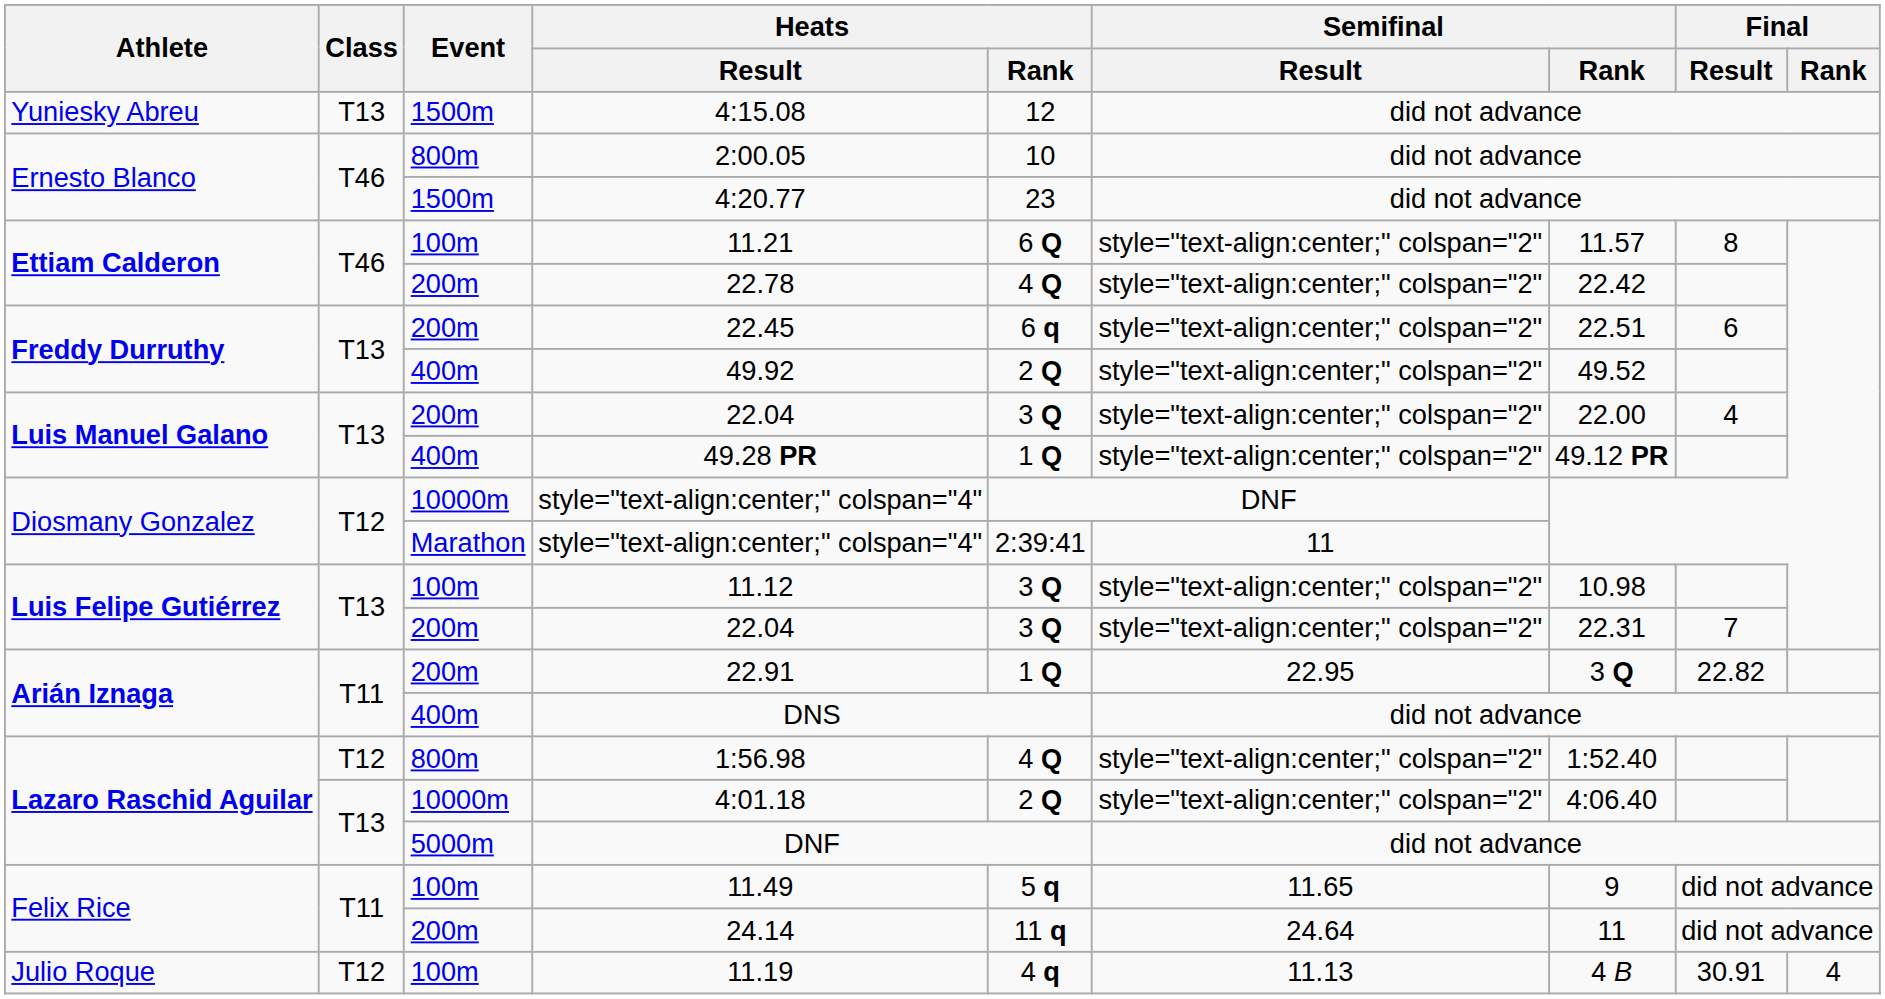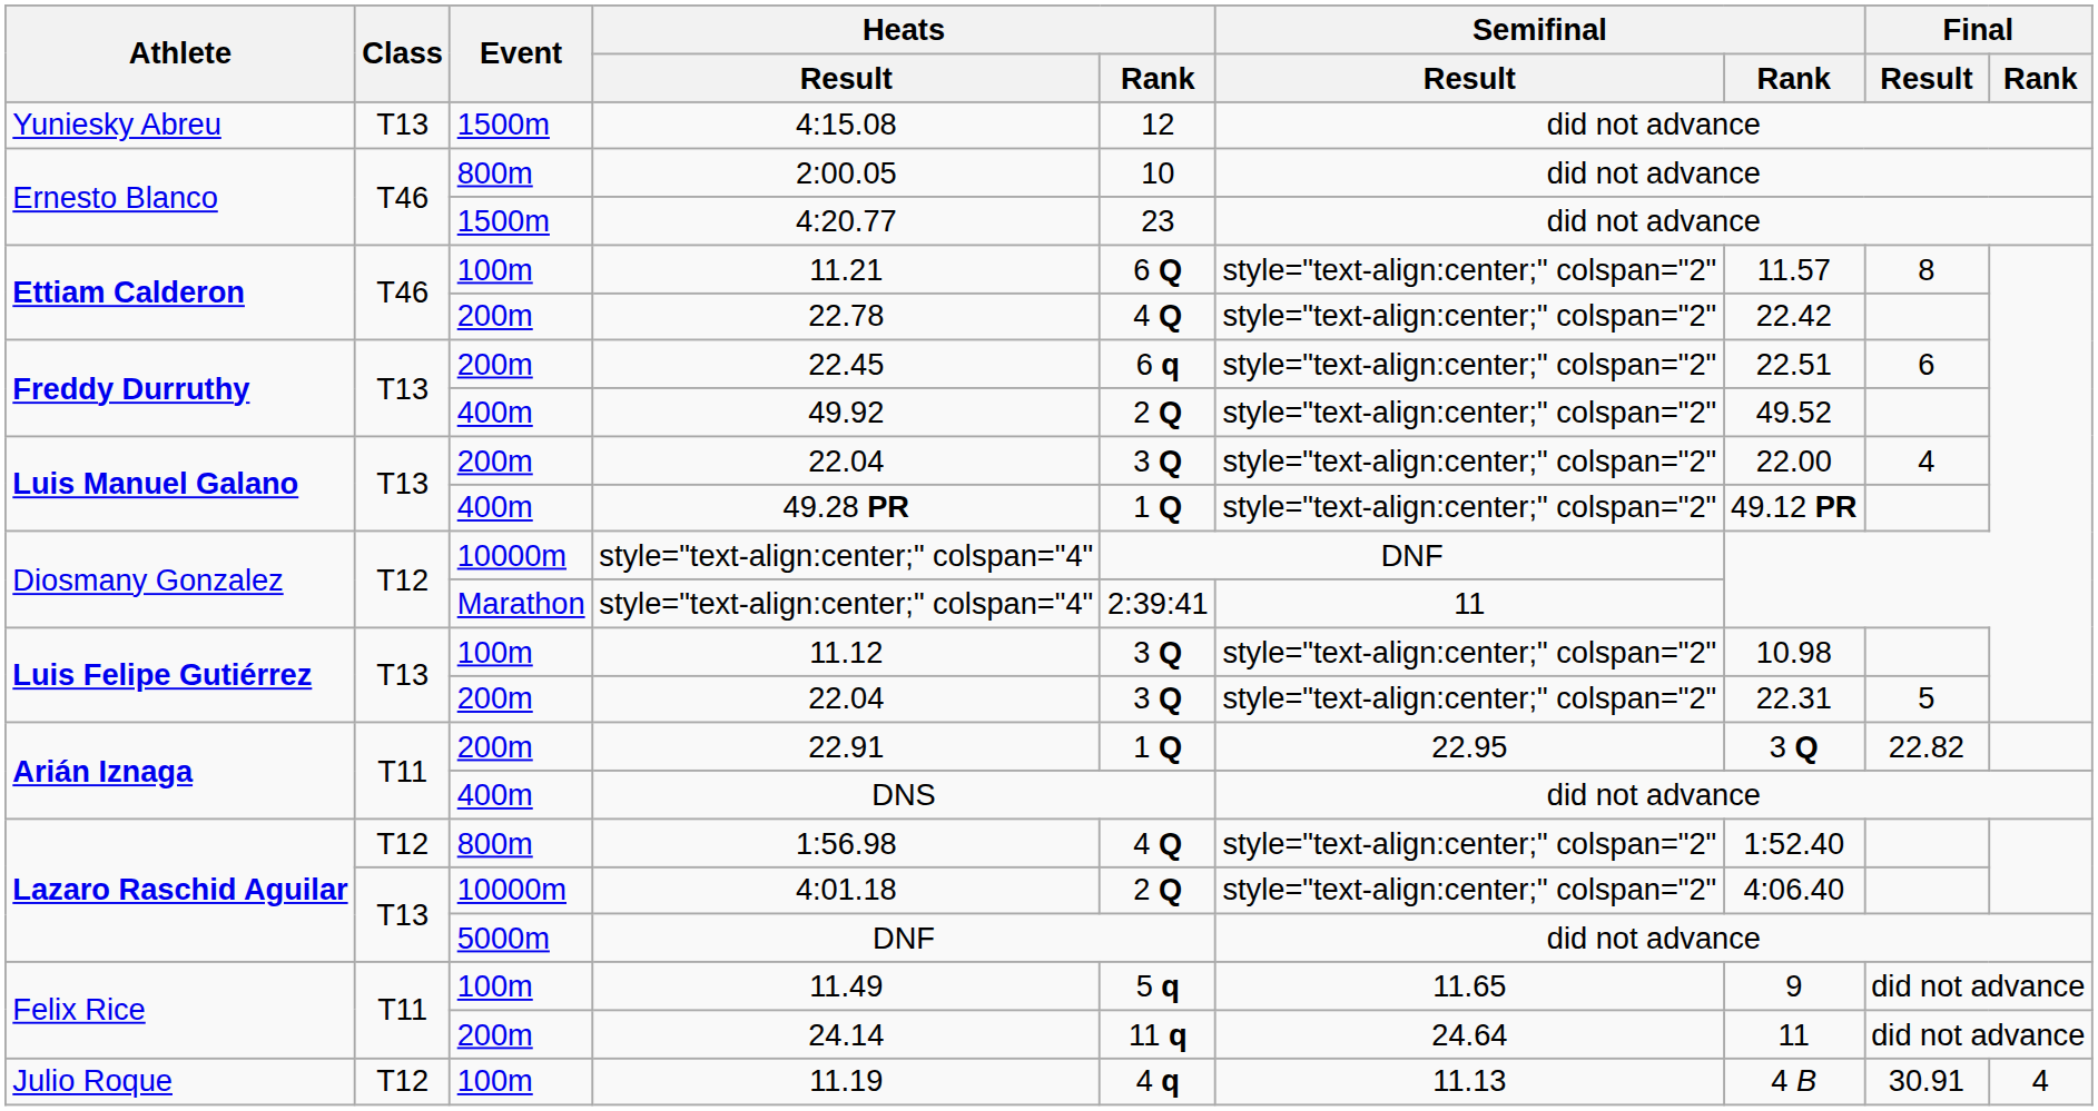 <table class=wikitable style="font-size:90%">
 <tr>
 <th rowspan="2">Athlete</th>
 <th rowspan="2">Class</th>
 <th rowspan="2">Event</th>
 <th colspan="2">Heats</th>
 <th colspan="2">Semifinal</th>
 <th colspan="2">Final</th>
 </tr>
 <tr>
 <th>Result</th>
 <th>Rank</th>
 <th>Result</th>
 <th>Rank</th>
 <th>Result</th>
 <th>Rank</th>
 </tr>
 <tr>
 <td><a href='#'>Yuniesky Abreu</a></td>
 <td style="text-align:center;">T13</td>
 <td><a href='#'>1500m</a></td>
 <td style="text-align:center;">4:15.08</td>
 <td style="text-align:center;">12</td>
 <td style="text-align:center;" colspan="4">did not advance</td>
 </tr>
 <tr>
 <td rowspan="2"><a href='#'>Ernesto Blanco</a></td>
 <td rowspan="2" style="text-align:center;">T46</td>
 <td><a href='#'>800m</a></td>
 <td style="text-align:center;">2:00.05</td>
 <td style="text-align:center;">10</td>
 <td style="text-align:center;" colspan="4">did not advance</td>
 </tr>
 <tr>
 <td><a href='#'>1500m</a></td>
 <td style="text-align:center;">4:20.77</td>
 <td style="text-align:center;">23</td>
 <td style="text-align:center;" colspan="4">did not advance</td>
 </tr>
 <tr>
 <td rowspan="2"><strong><a href='#'>Ettiam Calderon</a></strong></td>
 <td rowspan="2" style="text-align:center;">T46</td>
 <td><a href='#'>100m</a></td>
 <td style="text-align:center;">11.21</td>
 <td style="text-align:center;">6 <strong>Q</strong></td>
 <td>style="text-align:center;" colspan="2" </td>
 <td style="text-align:center;">11.57</td>
 <td style="text-align:center;">8</td>
 </tr>
 <tr>
 <td><a href='#'>200m</a></td>
 <td style="text-align:center;">22.78</td>
 <td style="text-align:center;">4 <strong>Q</strong></td>
 <td>style="text-align:center;" colspan="2" </td>
 <td style="text-align:center;">22.42</td>
 <td style="text-align:center;"></td>
 </tr>
 <tr>
 <td rowspan="2"><strong><a href='#'>Freddy Durruthy</a></strong></td>
 <td rowspan="2" style="text-align:center;">T13</td>
 <td><a href='#'>200m</a></td>
 <td style="text-align:center;">22.45</td>
 <td style="text-align:center;">6 <strong>q</strong></td>
 <td>style="text-align:center;" colspan="2" </td>
 <td style="text-align:center;">22.51</td>
 <td style="text-align:center;">6</td>
 </tr>
 <tr>
 <td><a href='#'>400m</a></td>
 <td style="text-align:center;">49.92</td>
 <td style="text-align:center;">2 <strong>Q</strong></td>
 <td>style="text-align:center;" colspan="2" </td>
 <td style="text-align:center;">49.52</td>
 <td style="text-align:center;"></td>
 </tr>
 <tr>
 <td rowspan="2"><strong><a href='#'>Luis Manuel Galano</a></strong></td>
 <td rowspan="2" style="text-align:center;">T13</td>
 <td><a href='#'>200m</a></td>
 <td style="text-align:center;">22.04</td>
 <td style="text-align:center;">3 <strong>Q</strong></td>
 <td>style="text-align:center;" colspan="2" </td>
 <td style="text-align:center;">22.00</td>
 <td style="text-align:center;">4</td>
 </tr>
 <tr>
 <td><a href='#'>400m</a></td>
 <td style="text-align:center;">49.28 <strong>PR</strong></td>
 <td style="text-align:center;">1 <strong>Q</strong></td>
 <td>style="text-align:center;" colspan="2" </td>
 <td style="text-align:center;">49.12 <strong>PR</strong></td>
 <td style="text-align:center;"></td>
 </tr>
 <tr>
 <td rowspan="2"><a href='#'>Diosmany Gonzalez</a></td>
 <td rowspan="2" style="text-align:center;">T12</td>
 <td><a href='#'>10000m</a></td>
 <td>style="text-align:center;" colspan="4" </td>
 <td style="text-align:center;" colspan="2">DNF</td>
 </tr>
 <tr>
 <td><a href='#'>Marathon</a></td>
 <td>style="text-align:center;" colspan="4" </td>
 <td style="text-align:center;">2:39:41</td>
 <td style="text-align:center;">11</td>
 </tr>
 <tr>
 <td rowspan="2"><strong><a href='#'>Luis Felipe Gutiérrez</a></strong></td>
 <td rowspan="2" style="text-align:center;">T13</td>
 <td><a href='#'>100m</a></td>
 <td style="text-align:center;">11.12</td>
 <td style="text-align:center;">3 <strong>Q</strong></td>
 <td>style="text-align:center;" colspan="2" </td>
 <td style="text-align:center;">10.98</td>
 <td style="text-align:center;"></td>
 </tr>
 <tr>
 <td><a href='#'>200m</a></td>
 <td style="text-align:center;">22.04</td>
 <td style="text-align:center;">3 <strong>Q</strong></td>
 <td>style="text-align:center;" colspan="2" </td>
 <td style="text-align:center;">22.31</td>
-<td style="text-align:center;">7</td>
+<td style="text-align:center;">5</td>
 </tr>
 <tr>
 <td rowspan="2"><strong><a href='#'>Arián Iznaga</a></strong></td>
 <td rowspan="2" style="text-align:center;">T11</td>
 <td><a href='#'>200m</a></td>
 <td style="text-align:center;">22.91</td>
 <td style="text-align:center;">1 <strong>Q</strong></td>
 <td style="text-align:center;">22.95</td>
 <td style="text-align:center;">3 <strong>Q</strong></td>
 <td style="text-align:center;">22.82</td>
 <td style="text-align:center;"></td>
 </tr>
 <tr>
 <td><a href='#'>400m</a></td>
 <td style="text-align:center;" colspan="2">DNS</td>
 <td style="text-align:center;" colspan="4">did not advance</td>
 </tr>
 <tr>
 <td rowspan="3"><strong><a href='#'>Lazaro Raschid Aguilar</a></strong></td>
 <td style="text-align:center;">T12</td>
 <td><a href='#'>800m</a></td>
 <td style="text-align:center;">1:56.98</td>
 <td style="text-align:center;">4 <strong>Q</strong></td>
 <td>style="text-align:center;" colspan="2" </td>
 <td style="text-align:center;">1:52.40</td>
 <td style="text-align:center;"></td>
 </tr>
 <tr>
 <td rowspan="2" style="text-align:center;">T13</td>
 <td><a href='#'>10000m</a></td>
 <td style="text-align:center;">4:01.18</td>
 <td style="text-align:center;">2 <strong>Q</strong></td>
 <td>style="text-align:center;" colspan="2" </td>
 <td style="text-align:center;">4:06.40</td>
 <td style="text-align:center;"></td>
 </tr>
 <tr>
 <td><a href='#'>5000m</a></td>
 <td style="text-align:center;" colspan="2">DNF</td>
 <td style="text-align:center;" colspan="4">did not advance</td>
 </tr>
 <tr>
 <td rowspan="2"><a href='#'>Felix Rice</a></td>
 <td rowspan="2" style="text-align:center;">T11</td>
 <td><a href='#'>100m</a></td>
 <td style="text-align:center;">11.49</td>
 <td style="text-align:center;">5 <strong>q</strong></td>
 <td style="text-align:center;">11.65</td>
 <td style="text-align:center;">9</td>
 <td style="text-align:center;" colspan="2">did not advance</td>
 </tr>
 <tr>
 <td><a href='#'>200m</a></td>
 <td style="text-align:center;">24.14</td>
 <td style="text-align:center;">11 <strong>q</strong></td>
 <td style="text-align:center;">24.64</td>
 <td style="text-align:center;">11</td>
 <td style="text-align:center;" colspan="2">did not advance</td>
 </tr>
 <tr>
 <td><a href='#'>Julio Roque</a></td>
 <td style="text-align:center;">T12</td>
 <td><a href='#'>100m</a></td>
 <td style="text-align:center;">11.19</td>
 <td style="text-align:center;">4 <strong>q</strong></td>
 <td style="text-align:center;">11.13</td>
 <td style="text-align:center;">4 <em>B</em></td>
 <td style="text-align:center;">30.91</td>
 <td style="text-align:center;">4</td>
 </tr>
 </table>
